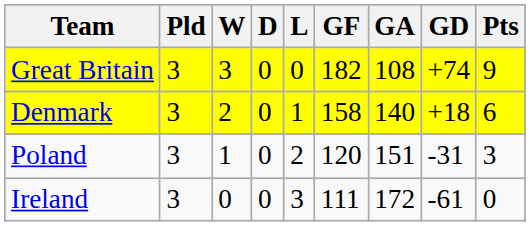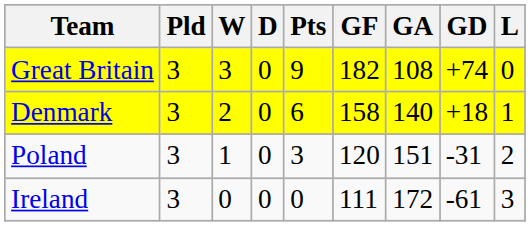 <table class="wikitable" border="1">
 <tr>
 <th>Team</th>
 <th>Pld</th>
 <th>W</th>
 <th>D</th>
-<th>L</th>
+<th>Pts</th>
 <th>GF</th>
 <th>GA</th>
 <th>GD</th>
-<th>Pts</th>
+<th>L</th>
 </tr>
 <tr style="background:#ffff00">
 <td> <a href='#'>Great Britain</a></td>
 <td>3</td>
 <td>3</td>
 <td>0</td>
-<td>0</td>
+<td>9</td>
 <td>182</td>
 <td>108</td>
 <td>+74</td>
-<td>9</td>
+<td>0</td>
 </tr>
 <tr style="background:#ffff00">
 <td> <a href='#'>Denmark</a></td>
 <td>3</td>
 <td>2</td>
 <td>0</td>
-<td>1</td>
+<td>6</td>
 <td>158</td>
 <td>140</td>
 <td>+18</td>
-<td>6</td>
+<td>1</td>
 </tr>
 <tr>
 <td> <a href='#'>Poland</a></td>
 <td>3</td>
 <td>1</td>
 <td>0</td>
-<td>2</td>
+<td>3</td>
 <td>120</td>
 <td>151</td>
 <td>-31</td>
-<td>3</td>
+<td>2</td>
 </tr>
 <tr>
 <td> <a href='#'>Ireland</a></td>
 <td>3</td>
 <td>0</td>
 <td>0</td>
-<td>3</td>
+<td>0</td>
 <td>111</td>
 <td>172</td>
 <td>-61</td>
-<td>0</td>
+<td>3</td>
 </tr>
 </table>
